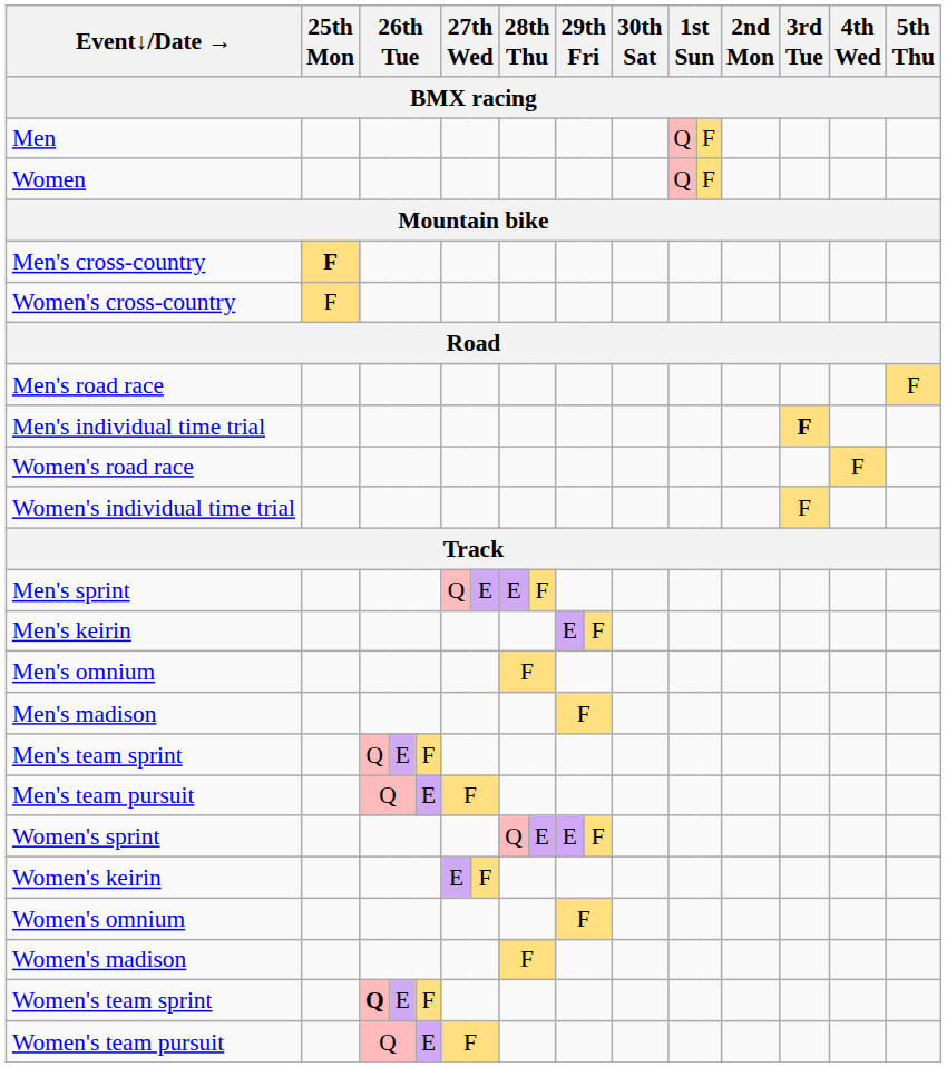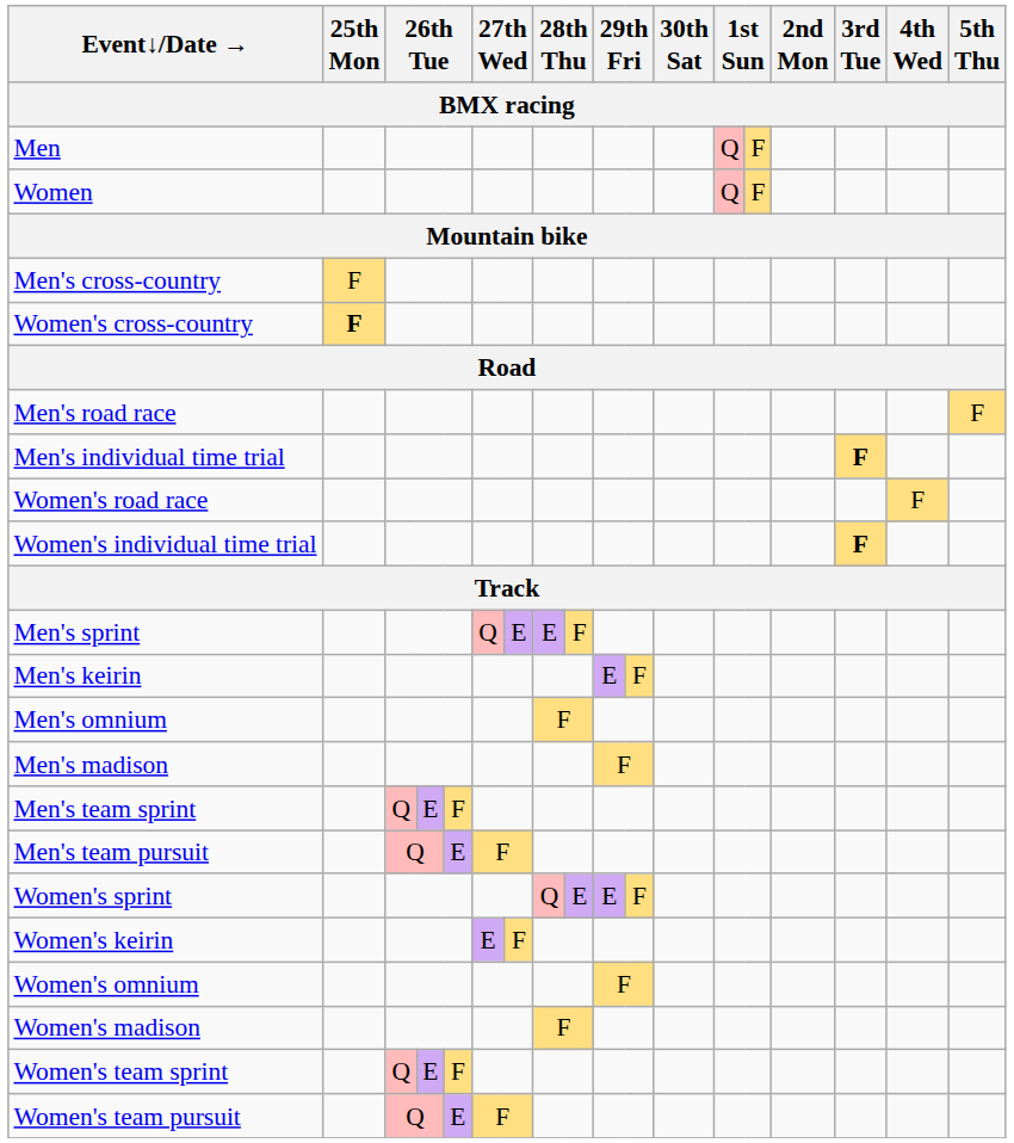 <table class="wikitable" style="margin:0.5em auto; font-size:90%; line-height:1.25em; text-align:center;">
 <tr>
 <th>Event↓/Date →</th>
 <th>25th<br>Mon</th>
 <th colspan=3>26th<br>Tue</th>
 <th colspan=2>27th<br>Wed</th>
 <th colspan=2>28th<br>Thu</th>
 <th colspan=2>29th<br>Fri</th>
 <th>30th<br>Sat</th>
 <th colspan=2>1st<br>Sun</th>
 <th>2nd<br>Mon</th>
 <th>3rd<br>Tue</th>
 <th>4th<br>Wed</th>
 <th>5th<br>Thu</th>
 </tr>
 <tr>
 <th colspan=20>BMX racing</th>
 </tr>
 <tr>
 <td align="left"><a href='#'>Men</a></td>
 <td></td>
 <td colspan=3></td>
 <td colspan=2></td>
 <td colspan=2></td>
 <td colspan=2></td>
 <td></td>
 <td bgcolor="#FFBBBB">Q</td>
 <td bgcolor="#FFDF80">F</td>
 <td></td>
 <td></td>
 <td></td>
 <td></td>
 </tr>
 <tr>
 <td align="left"><a href='#'>Women</a></td>
 <td></td>
 <td colspan=3></td>
 <td colspan=2></td>
 <td colspan=2></td>
 <td colspan=2></td>
 <td></td>
 <td bgcolor="#FFBBBB">Q</td>
 <td bgcolor="#FFDF80">F</td>
 <td></td>
 <td></td>
 <td></td>
 <td></td>
 </tr>
 <tr>
 <th colspan=20>Mountain bike</th>
 </tr>
 <tr>
 <td align="left"><a href='#'>Men's cross-country</a></td>
-<td bgcolor="#FFDF80"><strong>F</strong></td>
+<td bgcolor="#FFDF80">F</td>
 <td colspan=3></td>
 <td colspan=2></td>
 <td colspan=2></td>
 <td colspan=2></td>
 <td></td>
 <td colspan=2></td>
 <td></td>
 <td></td>
 <td></td>
 <td></td>
 </tr>
 <tr>
 <td align="left"><a href='#'>Women's cross-country</a></td>
-<td bgcolor="#FFDF80">F</td>
+<td bgcolor="#FFDF80"><strong>F</strong></td>
 <td colspan=3></td>
 <td colspan=2></td>
 <td colspan=2></td>
 <td colspan=2></td>
 <td></td>
 <td colspan=2></td>
 <td></td>
 <td></td>
 <td></td>
 <td></td>
 </tr>
 <tr>
 <th colspan=20>Road</th>
 </tr>
 <tr>
 <td align="left"><a href='#'>Men's road race</a></td>
 <td></td>
 <td colspan=3></td>
 <td colspan=2></td>
 <td colspan=2></td>
 <td colspan=2></td>
 <td></td>
 <td colspan=2></td>
 <td></td>
 <td></td>
 <td></td>
 <td bgcolor="FFDF80">F</td>
 </tr>
 <tr>
 <td align="left"><a href='#'>Men's individual time trial</a></td>
 <td></td>
 <td colspan=3></td>
 <td colspan=2></td>
 <td colspan=2></td>
 <td colspan=2></td>
 <td></td>
 <td colspan=2></td>
 <td></td>
 <td bgcolor="FFDF80"><strong>F</strong></td>
 <td></td>
 <td></td>
 </tr>
 <tr>
 <td align="left"><a href='#'>Women's road race</a></td>
 <td></td>
 <td colspan=3></td>
 <td colspan=2></td>
 <td colspan=2></td>
 <td colspan=2></td>
 <td></td>
 <td colspan=2></td>
 <td></td>
 <td></td>
 <td bgcolor="FFDF80">F</td>
 <td></td>
 </tr>
 <tr>
 <td align="left"><a href='#'>Women's individual time trial</a></td>
 <td></td>
 <td colspan=3></td>
 <td colspan=2></td>
 <td colspan=2></td>
 <td colspan=2></td>
 <td></td>
 <td colspan=2></td>
 <td></td>
-<td bgcolor="FFDF80">F</td>
+<td bgcolor="FFDF80"><strong>F</strong></td>
 <td></td>
 <td></td>
 </tr>
 <tr>
 <th colspan=20>Track</th>
 </tr>
 <tr>
 <td align="left"><a href='#'>Men's sprint</a></td>
 <td></td>
 <td colspan=3></td>
 <td bgcolor="#FFBBBB">Q</td>
 <td bgcolor="#D0A9F5">E</td>
 <td bgcolor="#D0A9F5">E</td>
 <td bgcolor="#FFDF80">F</td>
 <td colspan=2></td>
 <td></td>
 <td colspan=2></td>
 <td></td>
 <td></td>
 <td></td>
 <td></td>
 </tr>
 <tr>
 <td align="left"><a href='#'>Men's keirin</a></td>
 <td></td>
 <td colspan=3></td>
 <td colspan=2></td>
 <td colspan=2></td>
 <td bgcolor="#D0A9F5">E</td>
 <td bgcolor="FFDF80">F</td>
 <td></td>
 <td colspan=2></td>
 <td></td>
 <td></td>
 <td></td>
 <td></td>
 </tr>
 <tr>
 <td align="left"><a href='#'>Men's omnium</a></td>
 <td></td>
 <td colspan=3></td>
 <td colspan=2></td>
 <td colspan=2 bgcolor="FFDF80">F</td>
 <td colspan=2></td>
 <td></td>
 <td colspan=2></td>
 <td></td>
 <td></td>
 <td></td>
 <td></td>
 </tr>
 <tr>
 <td align="left"><a href='#'>Men's madison</a></td>
 <td></td>
 <td colspan=3></td>
 <td colspan=2></td>
 <td colspan=2></td>
 <td colspan=2 bgcolor="FFDF80">F</td>
 <td></td>
 <td colspan=2></td>
 <td></td>
 <td></td>
 <td></td>
 <td></td>
 </tr>
 <tr>
 <td align="left"><a href='#'>Men's team sprint</a></td>
 <td></td>
 <td bgcolor="FFBBBB">Q</td>
 <td bgcolor="#D0A9F5">E</td>
 <td bgcolor="#FFDF80">F</td>
 <td colspan=2></td>
 <td colspan=2></td>
 <td colspan=2></td>
 <td></td>
 <td colspan=2></td>
 <td></td>
 <td></td>
 <td></td>
 <td></td>
 </tr>
 <tr>
 <td align="left"><a href='#'>Men's team pursuit</a></td>
 <td></td>
 <td colspan=2 bgcolor="FFBBBB">Q</td>
 <td bgcolor="#D0A9F5">E</td>
 <td colspan=2 bgcolor="FFDF80">F</td>
 <td colspan=2></td>
 <td colspan=2></td>
 <td></td>
 <td colspan=2></td>
 <td></td>
 <td></td>
 <td></td>
 <td></td>
 </tr>
 <tr>
 <td align="left"><a href='#'>Women's sprint</a></td>
 <td></td>
 <td colspan=3></td>
 <td colspan=2></td>
 <td bgcolor="#FFBBBB">Q</td>
 <td bgcolor="#D0A9F5">E</td>
 <td bgcolor="#D0A9F5">E</td>
 <td bgcolor="#FFDF80">F</td>
 <td></td>
 <td colspan=2></td>
 <td></td>
 <td></td>
 <td></td>
 <td></td>
 </tr>
 <tr>
 <td align="left"><a href='#'>Women's keirin</a></td>
 <td></td>
 <td colspan=3></td>
 <td bgcolor="#D0A9F5">E</td>
 <td bgcolor="FFDF80">F</td>
 <td colspan=2></td>
 <td colspan=2></td>
 <td></td>
 <td colspan=2></td>
 <td></td>
 <td></td>
 <td></td>
 <td></td>
 </tr>
 <tr>
 <td align="left"><a href='#'>Women's omnium</a></td>
 <td></td>
 <td colspan=3></td>
 <td colspan=2></td>
 <td colspan=2></td>
 <td colspan=2 bgcolor="FFDF80">F</td>
 <td></td>
 <td colspan=2></td>
 <td></td>
 <td></td>
 <td></td>
 <td></td>
 </tr>
 <tr>
 <td align="left"><a href='#'>Women's madison</a></td>
 <td></td>
 <td colspan=3></td>
 <td colspan=2></td>
 <td colspan=2 bgcolor="FFDF80">F</td>
 <td colspan=2></td>
 <td></td>
 <td colspan=2></td>
 <td></td>
 <td></td>
 <td></td>
 <td></td>
 </tr>
 <tr>
 <td align="left"><a href='#'>Women's team sprint</a></td>
 <td></td>
-<td bgcolor="FFBBBB"><strong>Q</strong></td>
+<td bgcolor="FFBBBB">Q</td>
 <td bgcolor="#D0A9F5">E</td>
 <td bgcolor="#FFDF80">F</td>
 <td colspan=2></td>
 <td colspan=2></td>
 <td colspan=2></td>
 <td></td>
 <td colspan=2></td>
 <td></td>
 <td></td>
 <td></td>
 <td></td>
 </tr>
 <tr>
 <td align="left"><a href='#'>Women's team pursuit</a></td>
 <td></td>
 <td colspan=2 bgcolor="FFBBBB">Q</td>
 <td bgcolor="#D0A9F5">E</td>
 <td colspan=2 bgcolor="FFDF80">F</td>
 <td colspan=2></td>
 <td colspan=2></td>
 <td></td>
 <td colspan=2></td>
 <td></td>
 <td></td>
 <td></td>
 <td></td>
 </tr>
 </table>
